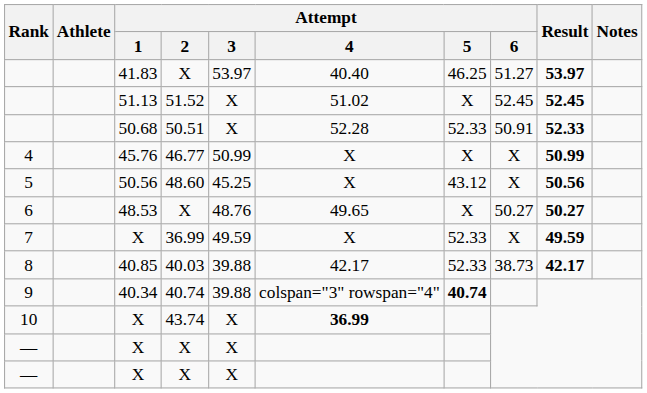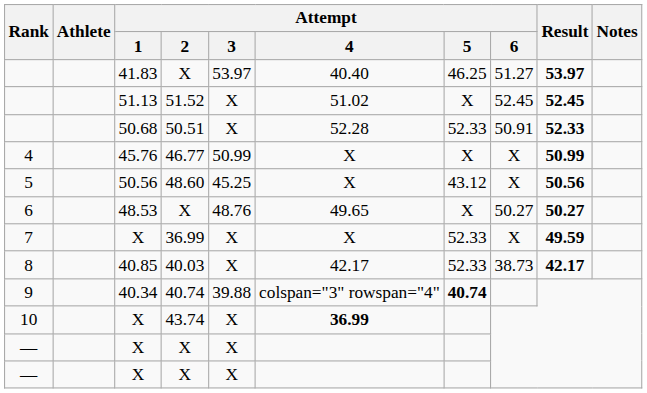 <table class='wikitable'>
 <tr>
 <th rowspan=2>Rank</th>
 <th rowspan=2>Athlete</th>
 <th colspan=6>Attempt</th>
 <th rowspan=2>Result</th>
 <th rowspan=2>Notes</th>
 </tr>
 <tr>
 <th>1</th>
 <th>2</th>
 <th>3</th>
 <th>4</th>
 <th>5</th>
 <th>6</th>
 </tr>
 <tr align=center>
 <td></td>
 <td align=left></td>
 <td>41.83</td>
 <td>X</td>
 <td>53.97</td>
 <td>40.40</td>
 <td>46.25</td>
 <td>51.27</td>
 <td><strong>53.97</strong></td>
 <td></td>
 </tr>
 <tr align=center>
 <td></td>
 <td align=left></td>
 <td>51.13</td>
 <td>51.52</td>
 <td>X</td>
 <td>51.02</td>
 <td>X</td>
 <td>52.45</td>
 <td><strong>52.45</strong></td>
 <td></td>
 </tr>
 <tr align=center>
 <td></td>
 <td align=left></td>
 <td>50.68</td>
 <td>50.51</td>
 <td>X</td>
 <td>52.28</td>
 <td>52.33</td>
 <td>50.91</td>
 <td><strong>52.33</strong></td>
 <td></td>
 </tr>
 <tr align=center>
 <td>4</td>
 <td align=left></td>
 <td>45.76</td>
 <td>46.77</td>
 <td>50.99</td>
 <td>X</td>
 <td>X</td>
 <td>X</td>
 <td><strong>50.99</strong></td>
 <td></td>
 </tr>
 <tr align=center>
 <td>5</td>
 <td align=left></td>
 <td>50.56</td>
 <td>48.60</td>
 <td>45.25</td>
 <td>X</td>
 <td>43.12</td>
 <td>X</td>
 <td><strong>50.56</strong></td>
 <td></td>
 </tr>
 <tr align=center>
 <td>6</td>
 <td align=left></td>
 <td>48.53</td>
 <td>X</td>
 <td>48.76</td>
 <td>49.65</td>
 <td>X</td>
 <td>50.27</td>
 <td><strong>50.27</strong></td>
 <td></td>
 </tr>
 <tr align=center>
 <td>7</td>
 <td align=left></td>
 <td>X</td>
 <td>36.99</td>
-<td>49.59</td>
+<td>X</td>
 <td>X</td>
 <td>52.33</td>
 <td>X</td>
 <td><strong>49.59</strong></td>
 <td></td>
 </tr>
 <tr align=center>
 <td>8</td>
 <td align=left></td>
 <td>40.85</td>
 <td>40.03</td>
-<td>39.88</td>
+<td>X</td>
 <td>42.17</td>
 <td>52.33</td>
 <td>38.73</td>
 <td><strong>42.17</strong></td>
 <td></td>
 </tr>
 <tr align=center>
 <td>9</td>
 <td align=left></td>
 <td>40.34</td>
 <td>40.74</td>
 <td>39.88</td>
 <td>colspan="3" rowspan="4" </td>
 <td><strong>40.74</strong></td>
 <td></td>
 </tr>
 <tr align=center>
 <td>10</td>
 <td align=left></td>
 <td>X</td>
 <td>43.74</td>
 <td>X</td>
 <td><strong>36.99</strong></td>
 <td></td>
 </tr>
 <tr align=center>
 <td>—</td>
 <td align="left"></td>
 <td>X</td>
 <td>X</td>
 <td>X</td>
 <td></td>
 <td></td>
 </tr>
 <tr align=center>
 <td>—</td>
 <td align="left"></td>
 <td>X</td>
 <td>X</td>
 <td>X</td>
 <td></td>
 <td></td>
 </tr>
 </table>
